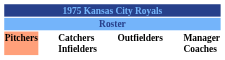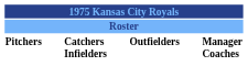 <table class="toccolours" style="font-size: 95%;">
 <tr>
 <th colspan="10" style="background-color: #27408B; color: #74B4FA; text-align: center;">1975 Kansas City Royals</th>
 </tr>
 <tr>
 <td colspan="10" style="background-color: #74B4FA; color: #27408B; text-align: center;"><strong>Roster</strong></td>
 </tr>
 <tr>
-<td valign="top" style="background: lightsalmon;"><strong>Pitchers</strong><br>             </td>
+<td valign="top"><strong>Pitchers</strong><br>             </td>
 <td width="25px"></td>
 <td valign="top"><strong>Catchers</strong><br>   <strong>Infielders</strong>        </td>
 <td width="25px"></td>
 <td valign="top"><strong>Outfielders</strong><br>      </td>
 <td width="25px"></td>
 <td valign="top"><strong>Manager</strong><br>  <strong>Coaches</strong>    </td>
 </tr>
 </table>
